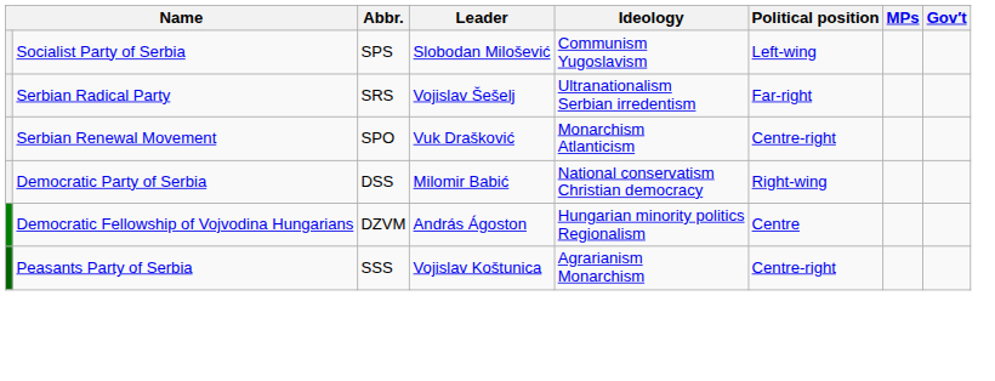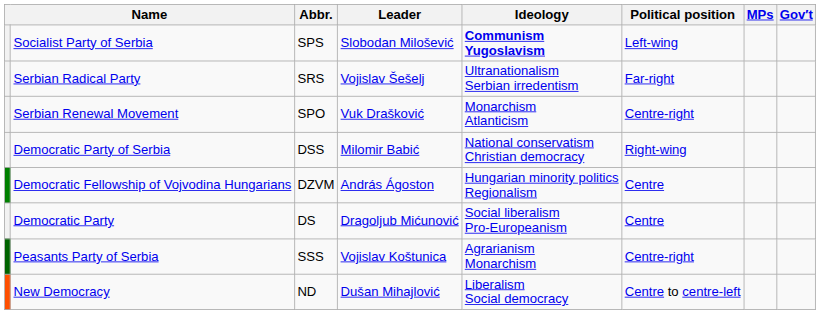 <table class="wikitable">
 <tr>
 <th colspan=2>Name</th>
 <th>Abbr.</th>
 <th>Leader</th>
 <th>Ideology</th>
 <th>Political position</th>
 <th><a href='#'>MPs</a></th>
 <th><a href='#'>Gov′t</a></th>
 </tr>
 <tr>
 <th style="background-color: "></th>
 <td><a href='#'>Socialist Party of Serbia</a><br><small><em></em></small></td>
 <td>SPS</td>
 <td><a href='#'>Slobodan Milošević</a></td>
-<td><a href='#'>Communism</a><br><a href='#'>Yugoslavism</a></td>
+<td><strong><a href='#'>Communism</a><br><a href='#'>Yugoslavism</a></strong></td>
 <td><a href='#'>Left-wing</a></td>
 <td></td>
 <td></td>
 </tr>
 <tr>
 <th style="background-color: "></th>
 <td><a href='#'>Serbian Radical Party</a><br><small><em></em></small></td>
 <td>SRS</td>
 <td><a href='#'>Vojislav Šešelj</a></td>
 <td><a href='#'>Ultranationalism</a><br><a href='#'>Serbian irredentism</a></td>
 <td><a href='#'>Far-right</a></td>
 <td></td>
 <td></td>
 </tr>
 <tr>
 <th style="background-color: "></th>
 <td><a href='#'>Serbian Renewal Movement</a><br><small><em></em></small></td>
 <td>SPO</td>
 <td><a href='#'>Vuk Drašković</a></td>
 <td><a href='#'>Monarchism</a><br><a href='#'>Atlanticism</a></td>
 <td><a href='#'>Centre-right</a></td>
 <td></td>
 <td></td>
 </tr>
 <tr>
 <th style="background-color: "></th>
 <td><a href='#'>Democratic Party of Serbia</a><br><small><em></em></small></td>
 <td>DSS</td>
 <td><a href='#'>Milomir Babić</a></td>
 <td><a href='#'>National conservatism</a><br><a href='#'>Christian democracy</a></td>
 <td><a href='#'>Right-wing</a></td>
 <td></td>
 <td></td>
 </tr>
 <tr>
 <th style="background-color: green; color:white;"></th>
 <td><a href='#'>Democratic Fellowship of Vojvodina Hungarians</a><br><small><em></em></small></td>
 <td>DZVM</td>
 <td><a href='#'>András Ágoston</a></td>
 <td><a href='#'>Hungarian minority politics</a><br><a href='#'>Regionalism</a></td>
 <td><a href='#'>Centre</a></td>
 <td></td>
 <td></td>
 </tr>
 <tr>
+<th style="background-color: "></th>
+<td><a href='#'>Democratic Party</a><br><small><em></em></small></td>
+<td>DS</td>
+<td><a href='#'>Dragoljub Mićunović</a></td>
+<td><a href='#'>Social liberalism</a><br><a href='#'>Pro-Europeanism</a></td>
+<td><a href='#'>Centre</a></td>
+<td></td>
+<td></td>
+</tr>
+<tr>
 <th style="background-color: darkgreen; color:white;"></th>
 <td><a href='#'>Peasants Party of Serbia</a><br><small><em></em></small></td>
 <td>SSS</td>
 <td><a href='#'>Vojislav Koštunica</a></td>
 <td><a href='#'>Agrarianism</a><br><a href='#'>Monarchism</a></td>
 <td><a href='#'>Centre-right</a></td>
 <td></td>
 <td></td>
 </tr>
+<tr>
+<th style="background-color: #FF4F00;"></th>
+<td><a href='#'>New Democracy</a><br><small><em></em></small></td>
+<td>ND</td>
+<td><a href='#'>Dušan Mihajlović</a></td>
+<td><a href='#'>Liberalism</a><br><a href='#'>Social democracy</a></td>
+<td><a href='#'>Centre</a> to <a href='#'>centre-left</a></td>
+<td></td>
+<td></td>
+</tr>
 </table>
